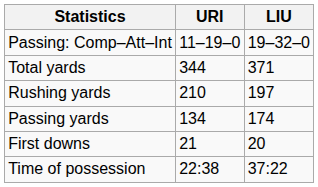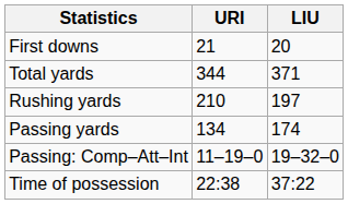 <table class="wikitable" style="float: left;">
 <tr>
 <th>Statistics</th>
 <th>URI</th>
 <th>LIU</th>
 </tr>
 <tr>
-<td>Passing: Comp–Att–Int</td>
-<td>11–19–0</td>
-<td>19–32–0</td>
+<td>First downs</td>
+<td>21</td>
+<td>20</td>
 </tr>
 <tr>
 <td>Total yards</td>
 <td>344</td>
 <td>371</td>
 </tr>
 <tr>
 <td>Rushing yards</td>
 <td>210</td>
 <td>197</td>
 </tr>
 <tr>
 <td>Passing yards</td>
 <td>134</td>
 <td>174</td>
 </tr>
 <tr>
-<td>First downs</td>
-<td>21</td>
-<td>20</td>
+<td>Passing: Comp–Att–Int</td>
+<td>11–19–0</td>
+<td>19–32–0</td>
 </tr>
 <tr>
 <td>Time of possession</td>
 <td>22:38</td>
 <td>37:22</td>
 </tr>
 <tr>
 </tr>
 </table>
